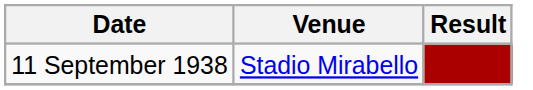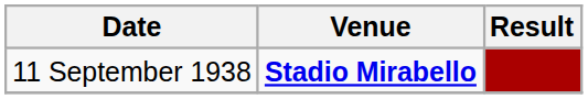 <table class="wikitable" style="text-align: center; width=20%; font-size: 11px">
 <tr>
 <th>Date</th>
 <th>Venue</th>
 <th>Result</th>
 </tr>
 <tr>
 <td>11 September 1938</td>
-<td><a href='#'>Stadio Mirabello</a></td>
+<td><strong><a href='#'>Stadio Mirabello</a></strong></td>
 <td bgcolor=#aa0000></td>
 </tr>
 <tr>
 </tr>
 </table>
